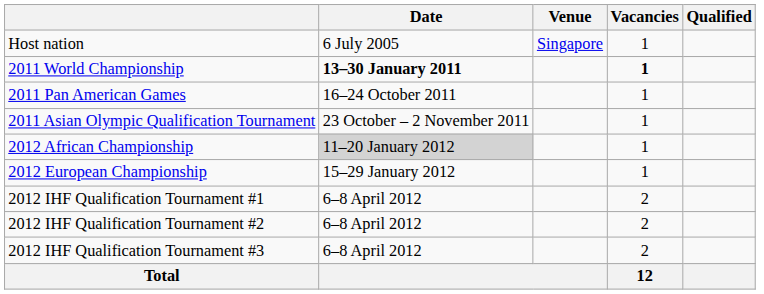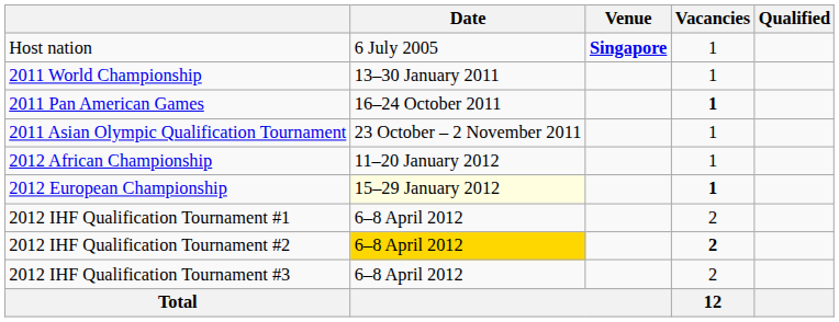 <table class="wikitable">
 <tr>
 <th></th>
 <th>Date</th>
 <th>Venue</th>
 <th>Vacancies</th>
 <th>Qualified</th>
 </tr>
 <tr>
 <td>Host nation</td>
 <td>6 July 2005</td>
-<td> <a href='#'>Singapore</a></td>
+<td><strong> <a href='#'>Singapore</a></strong></td>
 <td align="center">1</td>
 <td></td>
 </tr>
 <tr>
 <td><a href='#'>2011 World Championship</a></td>
-<td><strong>13–30 January 2011</strong></td>
+<td>13–30 January 2011</td>
 <td></td>
-<td align="center"><strong>1</strong></td>
+<td align="center">1</td>
 <td></td>
 </tr>
 <tr>
 <td><a href='#'>2011 Pan American Games</a></td>
 <td>16–24 October 2011</td>
 <td></td>
-<td align="center">1</td>
+<td align="center"><strong>1</strong></td>
 <td></td>
 </tr>
 <tr>
 <td><a href='#'>2011 Asian Olympic Qualification Tournament</a></td>
 <td>23 October – 2 November 2011</td>
 <td></td>
 <td align="center">1</td>
 <td></td>
 </tr>
 <tr>
 <td><a href='#'>2012 African Championship</a></td>
-<td style="background: lightgrey;">11–20 January 2012</td>
+<td>11–20 January 2012</td>
 <td></td>
 <td align="center">1</td>
 <td></td>
 </tr>
 <tr>
 <td><a href='#'>2012 European Championship</a></td>
-<td>15–29 January 2012</td>
+<td style="background: lightyellow;">15–29 January 2012</td>
 <td></td>
-<td align="center">1</td>
+<td align="center"><strong>1</strong></td>
 <td></td>
 </tr>
 <tr>
 <td>2012 IHF Qualification Tournament #1</td>
 <td>6–8 April 2012</td>
 <td></td>
 <td align="center">2</td>
 <td><br></td>
 </tr>
 <tr>
 <td>2012 IHF Qualification Tournament #2</td>
-<td>6–8 April 2012</td>
+<td style="background: gold;">6–8 April 2012</td>
 <td></td>
-<td align="center">2</td>
+<td align="center"><strong>2</strong></td>
 <td><br></td>
 </tr>
 <tr>
 <td>2012 IHF Qualification Tournament #3</td>
 <td>6–8 April 2012</td>
 <td></td>
 <td align="center">2</td>
 <td><br></td>
 </tr>
 <tr>
 <th>Total</th>
 <th colspan="2"></th>
 <th>12</th>
 <th></th>
 </tr>
 </table>
